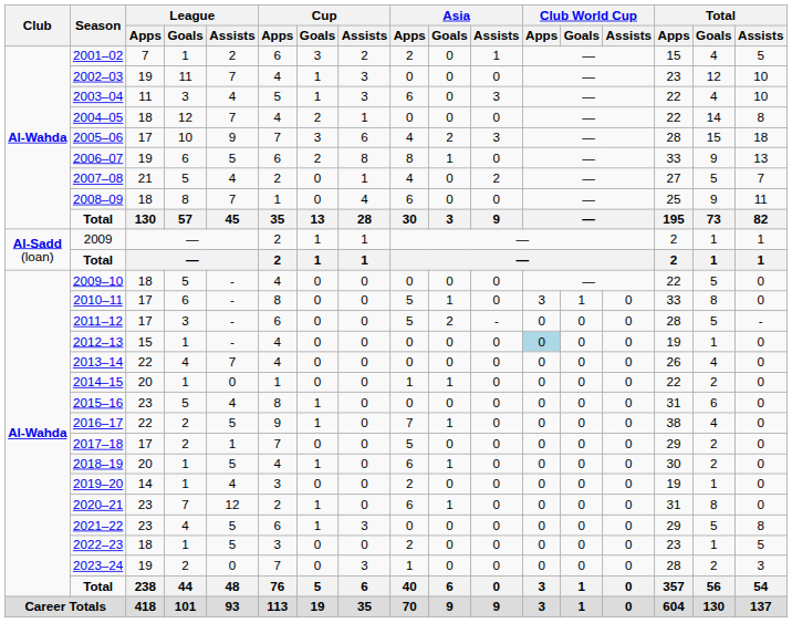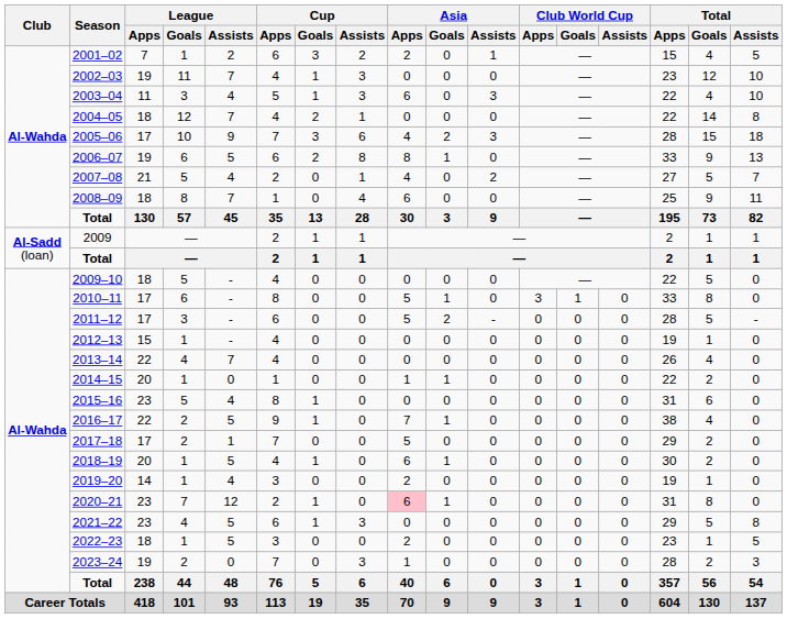 <table class="wikitable" style="font-size:90%; text-align: center;">
 <tr>
 <th rowspan="2">Club</th>
 <th rowspan="2">Season</th>
 <th colspan="3">League</th>
 <th colspan="3">Cup</th>
 <th colspan="3"><a href='#'>Asia</a></th>
 <th colspan=3><a href='#'>Club World Cup</a></th>
 <th colspan="3">Total</th>
 </tr>
 <tr>
 <th>Apps</th>
 <th>Goals</th>
 <th>Assists</th>
 <th>Apps</th>
 <th>Goals</th>
 <th>Assists</th>
 <th>Apps</th>
 <th>Goals</th>
 <th>Assists</th>
 <th>Apps</th>
 <th>Goals</th>
 <th>Assists</th>
 <th>Apps</th>
 <th>Goals</th>
 <th>Assists</th>
 </tr>
 <tr>
 <td rowspan="9" valign=center><strong><a href='#'>Al-Wahda</a></strong></td>
 <td><a href='#'>2001–02</a></td>
 <td>7</td>
 <td>1</td>
 <td>2</td>
 <td>6</td>
 <td>3</td>
 <td>2</td>
 <td>2</td>
 <td>0</td>
 <td>1</td>
 <td colspan="3">—</td>
 <td>15</td>
 <td>4</td>
 <td>5</td>
 </tr>
 <tr>
 <td><a href='#'>2002–03</a></td>
 <td>19</td>
 <td>11</td>
 <td>7</td>
 <td>4</td>
 <td>1</td>
 <td>3</td>
 <td>0</td>
 <td>0</td>
 <td>0</td>
 <td colspan="3">—</td>
 <td>23</td>
 <td>12</td>
 <td>10</td>
 </tr>
 <tr>
 <td><a href='#'>2003–04</a></td>
 <td>11</td>
 <td>3</td>
 <td>4</td>
 <td>5</td>
 <td>1</td>
 <td>3</td>
 <td>6</td>
 <td>0</td>
 <td>3</td>
 <td colspan="3">—</td>
 <td>22</td>
 <td>4</td>
 <td>10</td>
 </tr>
 <tr>
 <td><a href='#'>2004–05</a></td>
 <td>18</td>
 <td>12</td>
 <td>7</td>
 <td>4</td>
 <td>2</td>
 <td>1</td>
 <td>0</td>
 <td>0</td>
 <td>0</td>
 <td colspan="3">—</td>
 <td>22</td>
 <td>14</td>
 <td>8</td>
 </tr>
 <tr>
 <td><a href='#'>2005–06</a></td>
 <td>17</td>
 <td>10</td>
 <td>9</td>
 <td>7</td>
 <td>3</td>
 <td>6</td>
 <td>4</td>
 <td>2</td>
 <td>3</td>
 <td colspan="3">—</td>
 <td>28</td>
 <td>15</td>
 <td>18</td>
 </tr>
 <tr>
 <td><a href='#'>2006–07</a></td>
 <td>19</td>
 <td>6</td>
 <td>5</td>
 <td>6</td>
 <td>2</td>
 <td>8</td>
 <td>8</td>
 <td>1</td>
 <td>0</td>
 <td colspan="3">—</td>
 <td>33</td>
 <td>9</td>
 <td>13</td>
 </tr>
 <tr>
 <td><a href='#'>2007–08</a></td>
 <td>21</td>
 <td>5</td>
 <td>4</td>
 <td>2</td>
 <td>0</td>
 <td>1</td>
 <td>4</td>
 <td>0</td>
 <td>2</td>
 <td colspan="3">—</td>
 <td>27</td>
 <td>5</td>
 <td>7</td>
 </tr>
 <tr>
 <td><a href='#'>2008–09</a></td>
 <td>18</td>
 <td>8</td>
 <td>7</td>
 <td>1</td>
 <td>0</td>
 <td>4</td>
 <td>6</td>
 <td>0</td>
 <td>0</td>
 <td colspan="3">—</td>
 <td>25</td>
 <td>9</td>
 <td>11</td>
 </tr>
 <tr>
 <td !colspan="2"><strong>Total</strong></td>
 <th>130</th>
 <th>57</th>
 <th>45</th>
 <th>35</th>
 <th>13</th>
 <th>28</th>
 <th>30</th>
 <th>3</th>
 <th>9</th>
 <th colspan="3">—</th>
 <th>195</th>
 <th>73</th>
 <th>82</th>
 </tr>
 <tr>
 <td rowspan="2" valign=center><strong><a href='#'>Al-Sadd</a></strong><br> (loan)</td>
 <td>2009</td>
 <td colspan="3">—</td>
 <td>2</td>
 <td>1</td>
 <td>1</td>
 <td colspan="6">—</td>
 <td>2</td>
 <td>1</td>
 <td>1</td>
 </tr>
 <tr>
 <td !colspan="2"><strong>Total</strong></td>
 <th colspan="3">—</th>
 <th>2</th>
 <th>1</th>
 <th>1</th>
 <th colspan="6">—</th>
 <th>2</th>
 <th>1</th>
 <th>1</th>
 </tr>
 <tr>
 <td rowspan="16" valign=center><strong><a href='#'>Al-Wahda</a></strong></td>
 <td><a href='#'>2009–10</a></td>
 <td>18</td>
 <td>5</td>
 <td>-</td>
 <td>4</td>
 <td>0</td>
 <td>0</td>
 <td>0</td>
 <td>0</td>
 <td>0</td>
 <td colspan="3">—</td>
 <td>22</td>
 <td>5</td>
 <td>0</td>
 </tr>
 <tr>
 <td><a href='#'>2010–11</a></td>
 <td>17</td>
 <td>6</td>
 <td>-</td>
 <td>8</td>
 <td>0</td>
 <td>0</td>
 <td>5</td>
 <td>1</td>
 <td>0</td>
 <td>3</td>
 <td>1</td>
 <td>0</td>
 <td>33</td>
 <td>8</td>
 <td>0</td>
 </tr>
 <tr>
 <td><a href='#'>2011–12</a></td>
 <td>17</td>
 <td>3</td>
 <td>-</td>
 <td>6</td>
 <td>0</td>
 <td>0</td>
 <td>5</td>
 <td>2</td>
 <td>-</td>
 <td>0</td>
 <td>0</td>
 <td>0</td>
 <td>28</td>
 <td>5</td>
 <td>-</td>
 </tr>
 <tr>
 <td><a href='#'>2012–13</a></td>
 <td>15</td>
 <td>1</td>
 <td>-</td>
 <td>4</td>
 <td>0</td>
 <td>0</td>
 <td>0</td>
 <td>0</td>
 <td>0</td>
-<td style="background: lightblue;">0</td>
+<td>0</td>
 <td>0</td>
 <td>0</td>
 <td>19</td>
 <td>1</td>
 <td>0</td>
 </tr>
 <tr>
 <td><a href='#'>2013–14</a></td>
 <td>22</td>
 <td>4</td>
 <td>7</td>
 <td>4</td>
 <td>0</td>
 <td>0</td>
 <td>0</td>
 <td>0</td>
 <td>0</td>
 <td>0</td>
 <td>0</td>
 <td>0</td>
 <td>26</td>
 <td>4</td>
 <td>0</td>
 </tr>
 <tr>
 <td><a href='#'>2014–15</a></td>
 <td>20</td>
 <td>1</td>
 <td>0</td>
 <td>1</td>
 <td>0</td>
 <td>0</td>
 <td>1</td>
 <td>1</td>
 <td>0</td>
 <td>0</td>
 <td>0</td>
 <td>0</td>
 <td>22</td>
 <td>2</td>
 <td>0</td>
 </tr>
 <tr>
 <td><a href='#'>2015–16</a></td>
 <td>23</td>
 <td>5</td>
 <td>4</td>
 <td>8</td>
 <td>1</td>
 <td>0</td>
 <td>0</td>
 <td>0</td>
 <td>0</td>
 <td>0</td>
 <td>0</td>
 <td>0</td>
 <td>31</td>
 <td>6</td>
 <td>0</td>
 </tr>
 <tr>
 <td><a href='#'>2016–17</a></td>
 <td>22</td>
 <td>2</td>
 <td>5</td>
 <td>9</td>
 <td>1</td>
 <td>0</td>
 <td>7</td>
 <td>1</td>
 <td>0</td>
 <td>0</td>
 <td>0</td>
 <td>0</td>
 <td>38</td>
 <td>4</td>
 <td>0</td>
 </tr>
 <tr>
 <td><a href='#'>2017–18</a></td>
 <td>17</td>
 <td>2</td>
 <td>1</td>
 <td>7</td>
 <td>0</td>
 <td>0</td>
 <td>5</td>
 <td>0</td>
 <td>0</td>
 <td>0</td>
 <td>0</td>
 <td>0</td>
 <td>29</td>
 <td>2</td>
 <td>0</td>
 </tr>
 <tr>
 <td><a href='#'>2018–19</a></td>
 <td>20</td>
 <td>1</td>
 <td>5</td>
 <td>4</td>
 <td>1</td>
 <td>0</td>
 <td>6</td>
 <td>1</td>
 <td>0</td>
 <td>0</td>
 <td>0</td>
 <td>0</td>
 <td>30</td>
 <td>2</td>
 <td>0</td>
 </tr>
 <tr>
 <td><a href='#'>2019–20</a></td>
 <td>14</td>
 <td>1</td>
 <td>4</td>
 <td>3</td>
 <td>0</td>
 <td>0</td>
 <td>2</td>
 <td>0</td>
 <td>0</td>
 <td>0</td>
 <td>0</td>
 <td>0</td>
 <td>19</td>
 <td>1</td>
 <td>0</td>
 </tr>
 <tr>
 <td><a href='#'>2020–21</a></td>
 <td>23</td>
 <td>7</td>
 <td>12</td>
 <td>2</td>
 <td>1</td>
 <td>0</td>
-<td>6</td>
+<td style="background: pink;">6</td>
 <td>1</td>
 <td>0</td>
 <td>0</td>
 <td>0</td>
 <td>0</td>
 <td>31</td>
 <td>8</td>
 <td>0</td>
 </tr>
 <tr>
 <td><a href='#'>2021–22</a></td>
 <td>23</td>
 <td>4</td>
 <td>5</td>
 <td>6</td>
 <td>1</td>
 <td>3</td>
 <td>0</td>
 <td>0</td>
 <td>0</td>
 <td>0</td>
 <td>0</td>
 <td>0</td>
 <td>29</td>
 <td>5</td>
 <td>8</td>
 </tr>
 <tr>
 <td><a href='#'>2022–23</a></td>
 <td>18</td>
 <td>1</td>
 <td>5</td>
 <td>3</td>
 <td>0</td>
 <td>0</td>
 <td>2</td>
 <td>0</td>
 <td>0</td>
 <td>0</td>
 <td>0</td>
 <td>0</td>
 <td>23</td>
 <td>1</td>
 <td>5</td>
 </tr>
 <tr>
 <td><a href='#'>2023–24</a></td>
 <td>19</td>
 <td>2</td>
 <td>0</td>
 <td>7</td>
 <td>0</td>
 <td>3</td>
 <td>1</td>
 <td>0</td>
 <td>0</td>
 <td>0</td>
 <td>0</td>
 <td>0</td>
 <td>28</td>
 <td>2</td>
 <td>3</td>
 </tr>
 <tr>
 <td !colspan="2"><strong>Total</strong></td>
 <th>238</th>
 <th>44</th>
 <th>48</th>
 <th>76</th>
 <th>5</th>
 <th>6</th>
 <th>40</th>
 <th>6</th>
 <th>0</th>
 <th>3</th>
 <th>1</th>
 <th>0</th>
 <th>357</th>
 <th>56</th>
 <th>54</th>
 </tr>
 <tr>
 <th style="background: #DCDCDC" colspan="2">Career Totals</th>
 <th style="background: #DCDCDC">418</th>
 <th style="background: #DCDCDC">101</th>
 <th style="background: #DCDCDC">93</th>
 <th style="background: #DCDCDC">113</th>
 <th style="background: #DCDCDC">19</th>
 <th style="background: #DCDCDC">35</th>
 <th style="background: #DCDCDC">70</th>
 <th style="background: #DCDCDC">9</th>
 <th style="background: #DCDCDC">9</th>
 <th style="background: #DCDCDC">3</th>
 <th style="background: #DCDCDC">1</th>
 <th style="background: #DCDCDC">0</th>
 <th style="background: #DCDCDC">604</th>
 <th style="background: #DCDCDC">130</th>
 <th style="background: #DCDCDC">137</th>
 </tr>
 </table>
